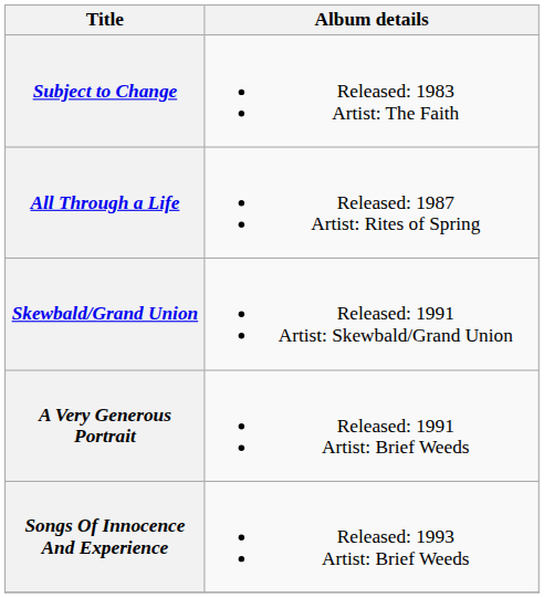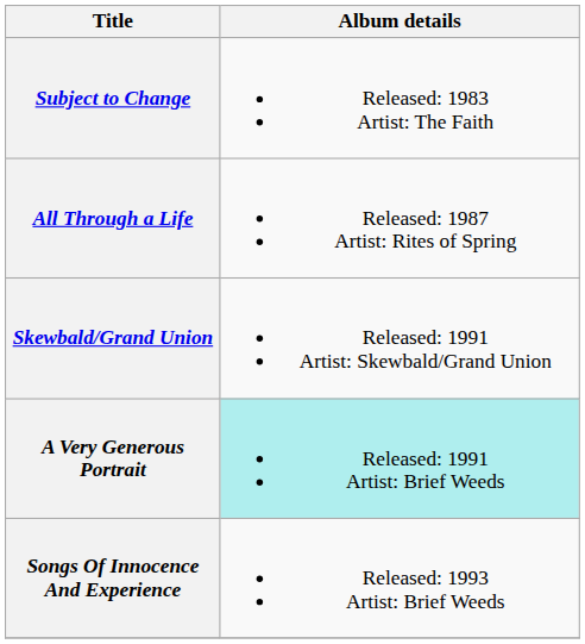 <table class="wikitable plainrowheaders" style="text-align:center;">
 <tr>
 <th scope="col" style="width:10em;">Title</th>
 <th scope="col" style="width:17em;">Album details</th>
 </tr>
 <tr>
 <th scope="row"><em><a href='#'>Subject to Change</a></em></th>
 <td><br><ul><li>Released: 1983</li><li>Artist: The Faith</li></ul></td>
 </tr>
 <tr>
 <th scope="row"><em><a href='#'>All Through a Life</a></em></th>
 <td><br><ul><li>Released: 1987</li><li>Artist: Rites of Spring</li></ul></td>
 </tr>
 <tr>
 <th scope="row"><em><a href='#'>Skewbald/Grand Union</a></em></th>
 <td><br><ul><li>Released: 1991</li><li>Artist: Skewbald/Grand Union</li></ul></td>
 </tr>
 <tr>
 <th scope="row"><em>A Very Generous Portrait</em></th>
-<td><br><ul><li>Released: 1991</li><li>Artist: Brief Weeds</li></ul></td>
+<td style="background: paleturquoise;"><br><ul><li>Released: 1991</li><li>Artist: Brief Weeds</li></ul></td>
 </tr>
 <tr>
 <th scope="row"><em>Songs Of Innocence And Experience</em></th>
 <td><br><ul><li>Released: 1993</li><li>Artist: Brief Weeds</li></ul></td>
 </tr>
 <tr>
 </tr>
 </table>
